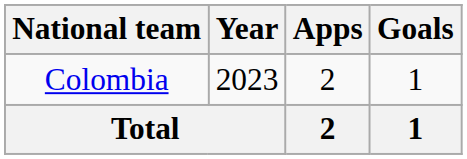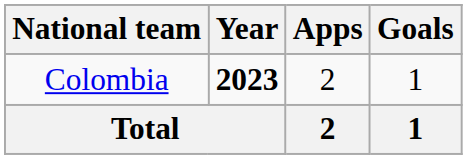 <table class=wikitable style=text-align:center>
 <tr>
 <th>National team</th>
 <th>Year</th>
 <th>Apps</th>
 <th>Goals</th>
 </tr>
 <tr>
 <td rowspan="1"><a href='#'>Colombia</a></td>
-<td>2023</td>
+<td><strong>2023</strong></td>
 <td>2</td>
 <td>1</td>
 </tr>
 <tr>
 <th colspan="2">Total</th>
 <th>2</th>
 <th>1</th>
 </tr>
 </table>
